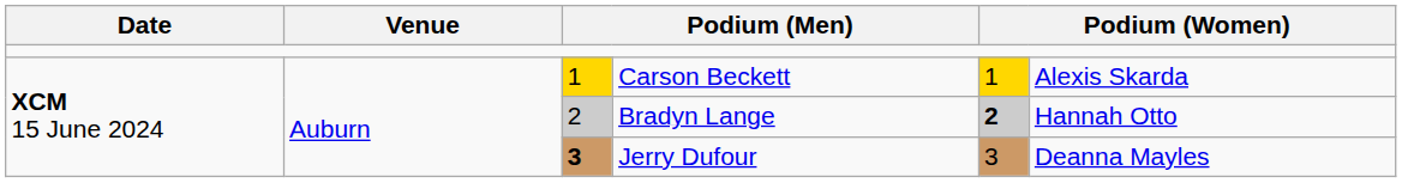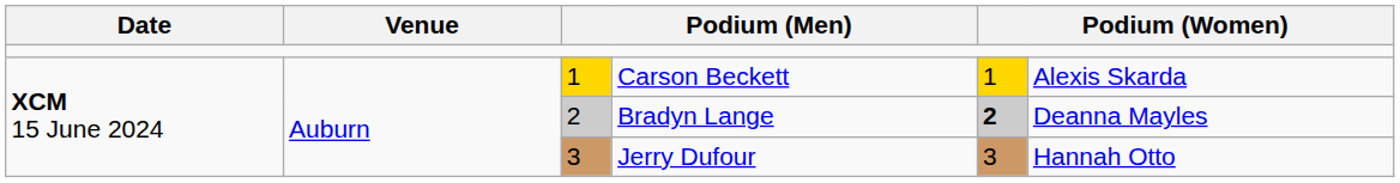 <table class="wikitable" width=70%>
 <tr>
 <th>Date</th>
 <th width=20%>Venue</th>
 <th colspan=2 width=30%>Podium (Men)</th>
 <th colspan=2 width=30%>Podium (Women)</th>
 </tr>
 <tr>
 <td colspan=6></td>
 </tr>
 <tr>
 <td rowspan=3><strong>XCM</strong> <br> 15 June 2024</td>
 <td rowspan=3><br><a href='#'>Auburn</a></td>
 <td bgcolor=FFD700>1</td>
 <td><a href='#'>Carson Beckett</a></td>
 <td bgcolor=FFD700>1</td>
 <td><a href='#'>Alexis Skarda</a></td>
 </tr>
 <tr>
 <td bgcolor=CCCCCC>2</td>
 <td><a href='#'>Bradyn Lange</a></td>
 <td bgcolor=CCCCCC><strong>2</strong></td>
+<td><a href='#'>Deanna Mayles</a></td>
+</tr>
+<tr>
+<td bgcolor=CC9966>3</td>
+<td><a href='#'>Jerry Dufour</a></td>
+<td bgcolor=CC9966>3</td>
 <td><a href='#'>Hannah Otto</a></td>
 </tr>
-<tr>
-<td bgcolor=CC9966><strong>3</strong></td>
-<td><a href='#'>Jerry Dufour</a></td>
-<td bgcolor=CC9966>3</td>
-<td><a href='#'>Deanna Mayles</a></td>
-</tr>
 </table>
